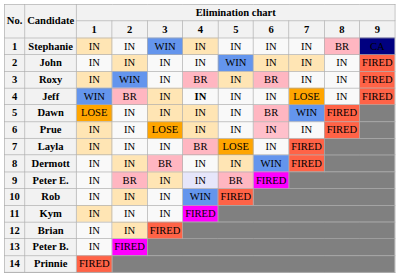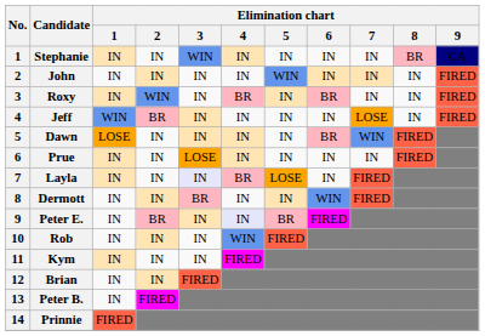 <table class="wikitable" style="text-align:center">
 <tr>
 <th rowspan=2>No.</th>
 <th rowspan=2>Candidate</th>
 <th colspan="16">Elimination chart</th>
 </tr>
 <tr>
 <th>1</th>
 <th>2</th>
 <th>3</th>
 <th>4</th>
 <th>5</th>
 <th>6</th>
 <th>7</th>
 <th>8</th>
 <th colspan=2>9</th>
 </tr>
 <tr>
 <th>1</th>
 <th>Stephanie</th>
 <td style="background:#FFE5B4;">IN</td>
 <td>IN</td>
 <td style="background:cornflowerblue;">WIN</td>
 <td style="background:#FFE5B4;">IN</td>
 <td>IN</td>
 <td>IN</td>
 <td>IN</td>
 <td style="background:lightpink;">BR</td>
 <td style="background:navy;"><span> CA </span></td>
 </tr>
 <tr>
 <th>2</th>
 <th>John</th>
 <td>IN</td>
 <td style="background:#FFE5B4;">IN</td>
 <td>IN</td>
 <td>IN</td>
 <td style="background:cornflowerblue;">WIN</td>
 <td style="background:#FFE5B4;">IN</td>
 <td style="background:#FFE5B4;">IN</td>
 <td>IN</td>
 <td style="background:tomato;">FIRED</td>
 </tr>
 <tr>
 <th>3</th>
 <th>Roxy</th>
 <td style="background:#FFE5B4;">IN</td>
 <td style="background:cornflowerblue;">WIN</td>
 <td>IN</td>
 <td style="background:lightpink;">BR</td>
 <td style="background:#FFE5B4;">IN</td>
 <td style="background:lightpink;">BR</td>
 <td>IN</td>
 <td>IN</td>
 <td style="background:tomato;">FIRED</td>
 </tr>
 <tr>
 <th>4</th>
 <th>Jeff</th>
 <td style="background:cornflowerblue;">WIN</td>
 <td style="background:lightpink;">BR</td>
 <td style="background:#FFE5B4;">IN</td>
-<td><strong>IN</strong></td>
+<td>IN</td>
 <td>IN</td>
 <td>IN</td>
 <td style="background:orange;">LOSE</td>
 <td>IN</td>
 <td style="background:tomato;">FIRED</td>
 </tr>
 <tr>
 <th>5</th>
 <th>Dawn</th>
 <td style="background:orange;">LOSE</td>
 <td>IN</td>
 <td style="background:#FFE5B4;">IN</td>
 <td style="background:#FFE5B4;">IN</td>
 <td>IN</td>
 <td style="background:lightpink;">BR</td>
 <td style="background:cornflowerblue;">WIN</td>
 <td style="background:tomato;">FIRED</td>
 <td colspan="2" style="background:gray;"></td>
 </tr>
 <tr>
 <th>6</th>
 <th>Prue</th>
 <td style="background:#FFE5B4;">IN</td>
 <td>IN</td>
 <td style="background:orange;">LOSE</td>
 <td style="background:#FFE5B4;">IN</td>
 <td>IN</td>
-<td style="background: pink;">IN</td>
+<td>IN</td>
 <td>IN</td>
 <td style="background:tomato;">FIRED</td>
 <td colspan="2" style="background:gray;"></td>
 </tr>
 <tr>
 <th>7</th>
 <th>Layla</th>
 <td style="background:#FFE5B4;">IN</td>
 <td>IN</td>
-<td>IN</td>
+<td style="background: lavender;">IN</td>
 <td style="background:lightpink;">BR</td>
 <td style="background:orange;">LOSE</td>
 <td>IN</td>
 <td style="background:tomato;">FIRED</td>
 <td colspan="3" style="background:gray;"></td>
 </tr>
 <tr>
 <th>8</th>
 <th>Dermott</th>
 <td>IN</td>
 <td style="background:#FFE5B4;">IN</td>
 <td style="background:lightpink;">BR</td>
 <td>IN</td>
 <td style="background:#FFE5B4;">IN</td>
 <td style="background:cornflowerblue;">WIN</td>
 <td style="background:tomato;">FIRED</td>
 <td colspan="3" style="background:gray;"></td>
 </tr>
 <tr>
 <th>9</th>
 <th>Peter E.</th>
 <td>IN</td>
 <td style="background:lightpink;">BR</td>
 <td style="background:#FFE5B4;">IN</td>
 <td style="background: lavender;">IN</td>
 <td style="background:lightpink;">BR</td>
 <td style="background:magenta;">FIRED</td>
 <td colspan="4" style="background:gray;"></td>
 </tr>
 <tr>
 <th>10</th>
 <th>Rob</th>
 <td>IN</td>
 <td style="background:#FFE5B4;">IN</td>
 <td>IN</td>
 <td style="background:cornflowerblue;">WIN</td>
 <td style="background:tomato;">FIRED</td>
 <td colspan="5" style="background:gray;"></td>
 </tr>
 <tr>
 <th>11</th>
 <th>Kym</th>
 <td style="background:#FFE5B4;">IN</td>
 <td>IN</td>
 <td>IN</td>
 <td style="background:magenta;">FIRED</td>
 <td colspan="6" style="background:gray;"></td>
 </tr>
 <tr>
 <th>12</th>
 <th>Brian</th>
 <td>IN</td>
 <td style="background:#FFE5B4;">IN</td>
 <td style="background:tomato;">FIRED</td>
 <td colspan="7" style="background:gray;"></td>
 </tr>
 <tr>
 <th>13</th>
 <th>Peter B.</th>
 <td>IN</td>
 <td style="background:magenta;">FIRED</td>
 <td colspan="8" style="background:gray;"></td>
 </tr>
 <tr>
 <th>14</th>
 <th>Prinnie</th>
 <td style="background:tomato;">FIRED</td>
 <td colspan="9" style="background:gray;"></td>
 </tr>
 <tr>
 </tr>
 </table>
